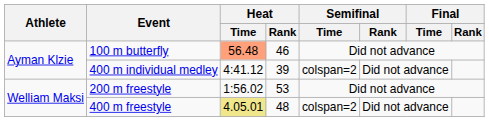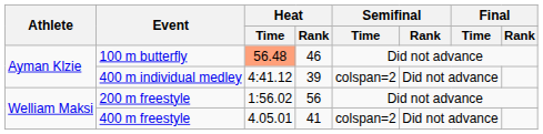 <table class=wikitable style="font-size:90%">
 <tr>
 <th rowspan="2">Athlete</th>
 <th rowspan="2">Event</th>
 <th colspan="2">Heat</th>
 <th colspan="2">Semifinal</th>
 <th colspan="2">Final</th>
 </tr>
 <tr style="font-size:95%">
 <th>Time</th>
 <th>Rank</th>
 <th>Time</th>
 <th>Rank</th>
 <th>Time</th>
 <th>Rank</th>
 </tr>
 <tr align=center>
 <td align=left rowspan=2><a href='#'>Ayman Klzie</a></td>
 <td align=left><a href='#'>100 m butterfly</a></td>
 <td style="background: lightsalmon;">56.48</td>
 <td>46</td>
 <td colspan=4>Did not advance</td>
 </tr>
 <tr align=center>
 <td align=left><a href='#'>400 m individual medley</a></td>
 <td>4:41.12</td>
 <td>39</td>
 <td>colspan=2 </td>
 <td colspan=2>Did not advance</td>
 </tr>
 <tr align=center>
 <td align=left rowspan=2><a href='#'>Welliam Maksi</a></td>
 <td align=left><a href='#'>200 m freestyle</a></td>
 <td>1:56.02</td>
-<td>53</td>
+<td>56</td>
 <td colspan=4>Did not advance</td>
 </tr>
 <tr align=center>
 <td align=left><a href='#'>400 m freestyle</a></td>
-<td style="background: khaki;">4.05.01</td>
-<td>48</td>
+<td>4.05.01</td>
+<td>41</td>
 <td>colspan=2 </td>
 <td colspan=2>Did not advance</td>
 </tr>
 </table>
